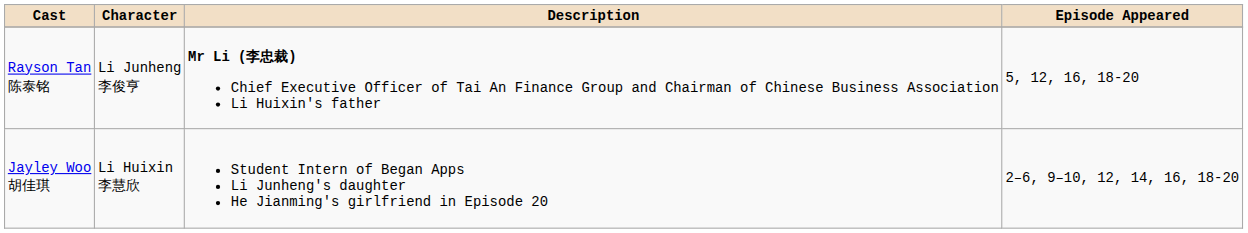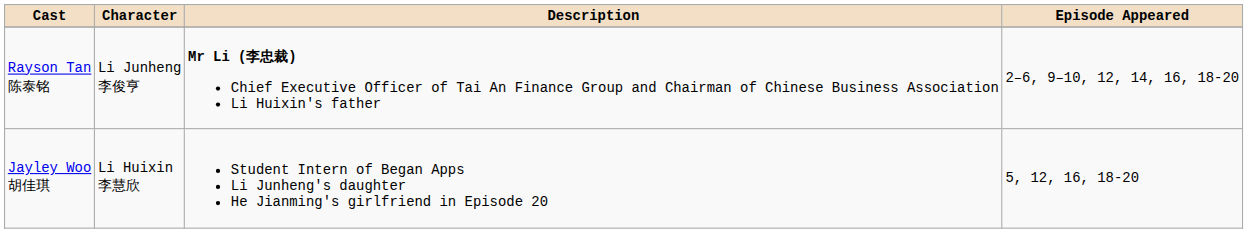 <table class="wikitable">
 <tr>
 <th style="background:#f2dfc6">Cast</th>
 <th style="background:#f2dfc6">Character</th>
 <th style="background:#f2dfc6">Description</th>
 <th style="background:#f2dfc6">Episode Appeared</th>
 </tr>
 <tr>
 </tr>
 <tr>
 <td><a href='#'>Rayson Tan</a> <br> 陈泰铭</td>
 <td>Li Junheng <br> 李俊亨</td>
 <td><br><strong> Mr Li (李忠裁) </strong><ul><li>Chief Executive Officer of Tai An Finance Group and Chairman of Chinese Business Association</li><li>Li Huixin's father</li></ul></td>
-<td>5, 12, 16, 18-20</td>
+<td>2–6, 9–10, 12, 14, 16, 18-20</td>
 </tr>
 <tr>
 <td><a href='#'>Jayley Woo</a> <br> 胡佳琪</td>
 <td>Li Huixin <br> 李慧欣</td>
 <td><br><ul><li>Student Intern of Began Apps</li><li>Li Junheng's daughter</li><li>He Jianming's girlfriend in Episode 20</li></ul></td>
-<td>2–6, 9–10, 12, 14, 16, 18-20</td>
+<td>5, 12, 16, 18-20</td>
 </tr>
 </table>
